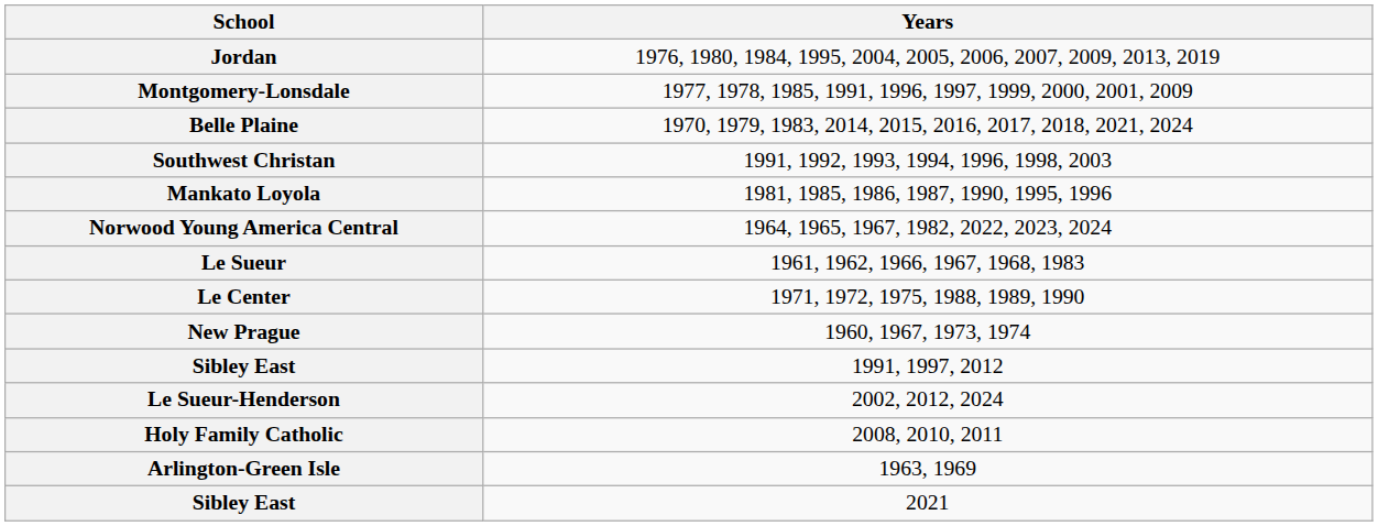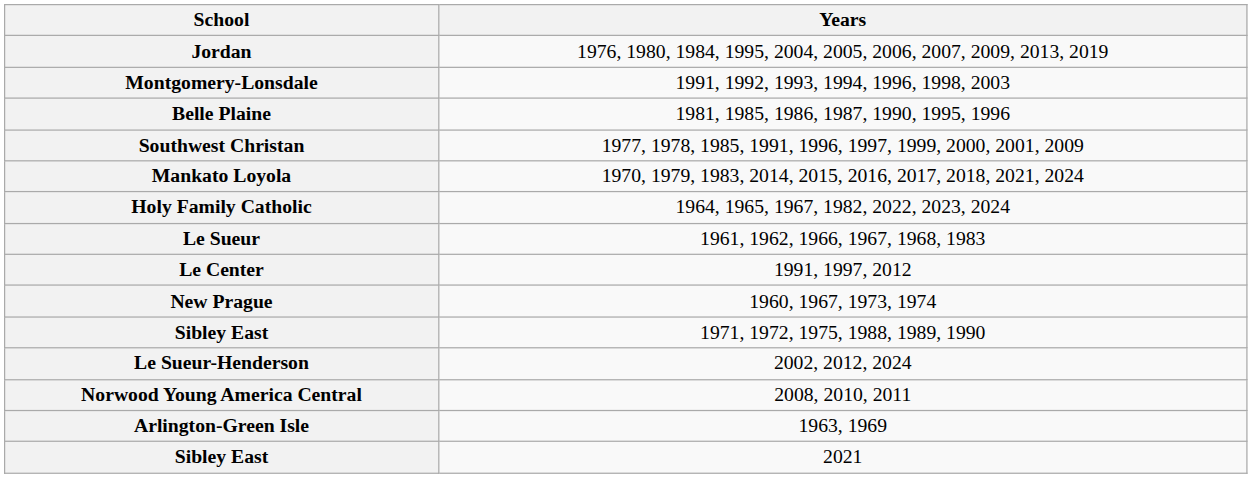 <table class="wikitable" style="text-align:center; width:80%;">
 <tr>
 <th scope="col">School</th>
 <th scope="col">Years</th>
 </tr>
 <tr>
 <th scope="row">Jordan</th>
 <td>1976, 1980, 1984, 1995, 2004, 2005, 2006, 2007, 2009, 2013, 2019</td>
 </tr>
 <tr>
 <th scope="row">Montgomery-Lonsdale</th>
+<td>1991, 1992, 1993, 1994, 1996, 1998, 2003</td>
+</tr>
+<tr>
+<th scope="row">Belle Plaine</th>
+<td>1981, 1985, 1986, 1987, 1990, 1995, 1996</td>
+</tr>
+<tr>
+<th scope="row">Southwest Christan</th>
 <td>1977, 1978, 1985, 1991, 1996, 1997, 1999, 2000, 2001, 2009</td>
 </tr>
 <tr>
-<th scope="row">Belle Plaine</th>
+<th scope="row">Mankato Loyola</th>
 <td>1970, 1979, 1983, 2014, 2015, 2016, 2017, 2018, 2021, 2024</td>
 </tr>
 <tr>
-<th scope="row">Southwest Christan</th>
-<td>1991, 1992, 1993, 1994, 1996, 1998, 2003</td>
-</tr>
-<tr>
-<th scope="row">Mankato Loyola</th>
-<td>1981, 1985, 1986, 1987, 1990, 1995, 1996</td>
-</tr>
-<tr>
-<th scope="row">Norwood Young America Central</th>
+<th scope="row">Holy Family Catholic</th>
 <td>1964, 1965, 1967, 1982, 2022, 2023, 2024</td>
 </tr>
 <tr>
 <th scope="row">Le Sueur</th>
 <td>1961, 1962, 1966, 1967, 1968, 1983</td>
 </tr>
 <tr>
 <th scope="row">Le Center</th>
-<td>1971, 1972, 1975, 1988, 1989, 1990</td>
+<td>1991, 1997, 2012</td>
 </tr>
 <tr>
 <th scope="row">New Prague</th>
 <td>1960, 1967, 1973, 1974</td>
 </tr>
 <tr>
 <th scope="row">Sibley East</th>
-<td>1991, 1997, 2012</td>
+<td>1971, 1972, 1975, 1988, 1989, 1990</td>
 </tr>
 <tr>
 <th scope="row">Le Sueur-Henderson</th>
 <td>2002, 2012, 2024</td>
 </tr>
 <tr>
-<th scope="row">Holy Family Catholic</th>
+<th scope="row">Norwood Young America Central</th>
 <td>2008, 2010, 2011</td>
 </tr>
 <tr>
 <th scope="row">Arlington-Green Isle</th>
 <td>1963, 1969</td>
 </tr>
 <tr>
 <th scope="row">Sibley East</th>
 <td>2021</td>
 </tr>
 </table>
